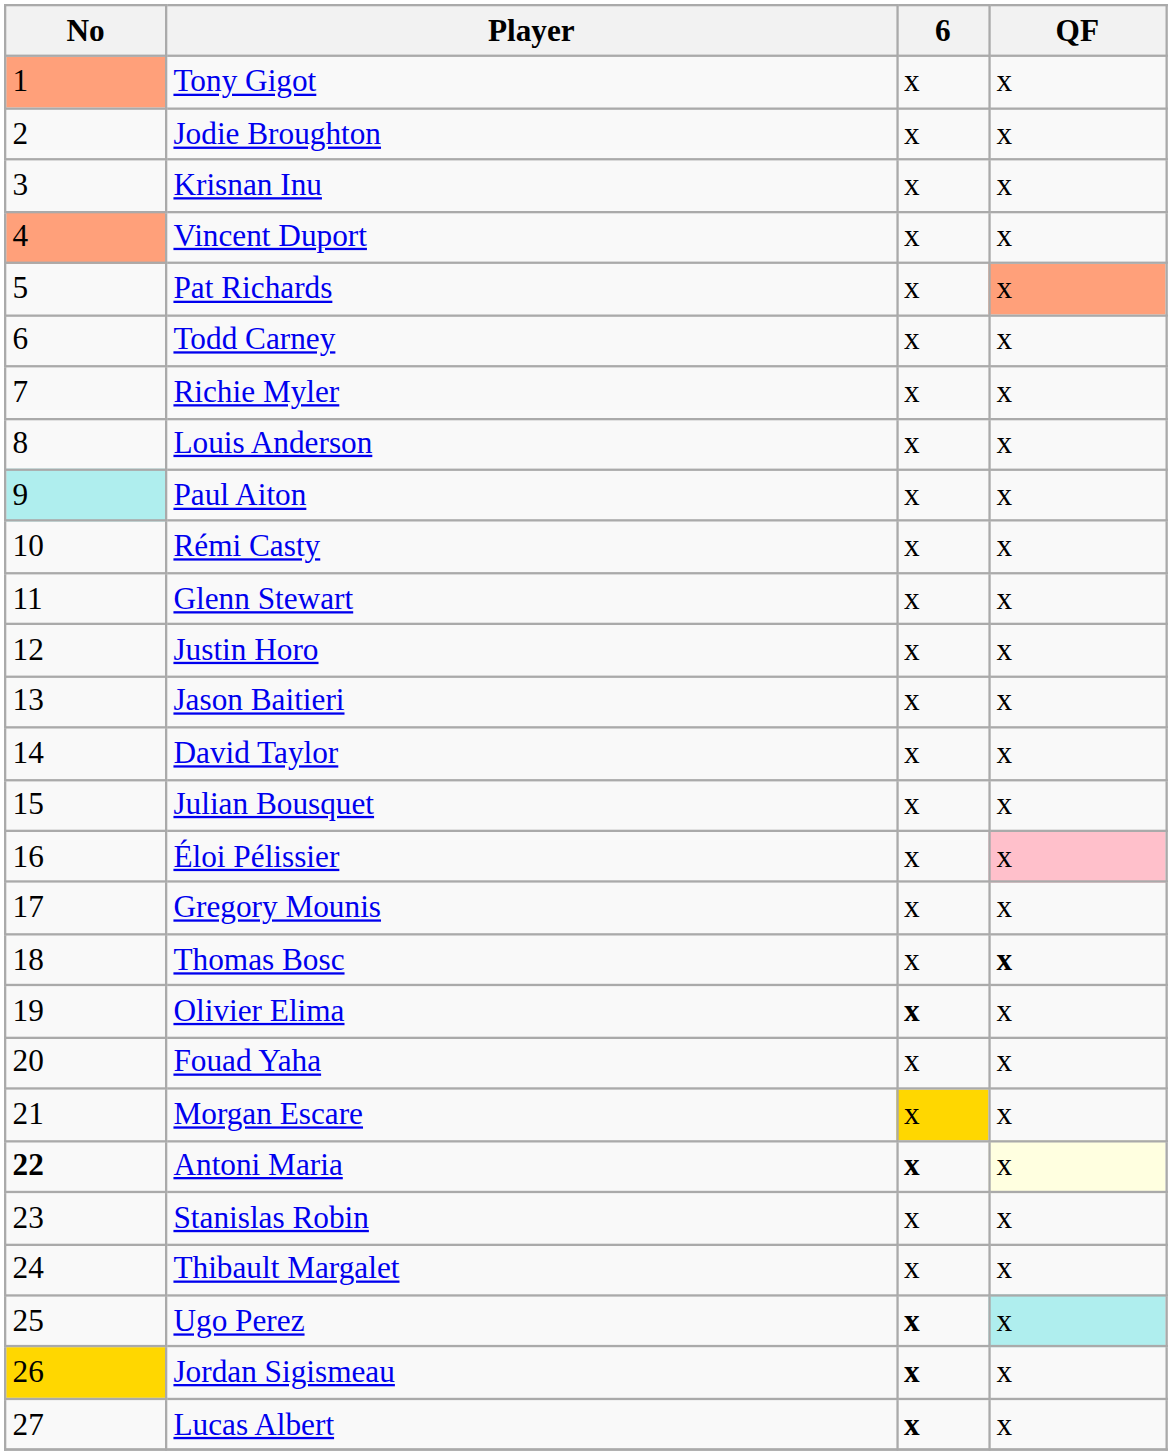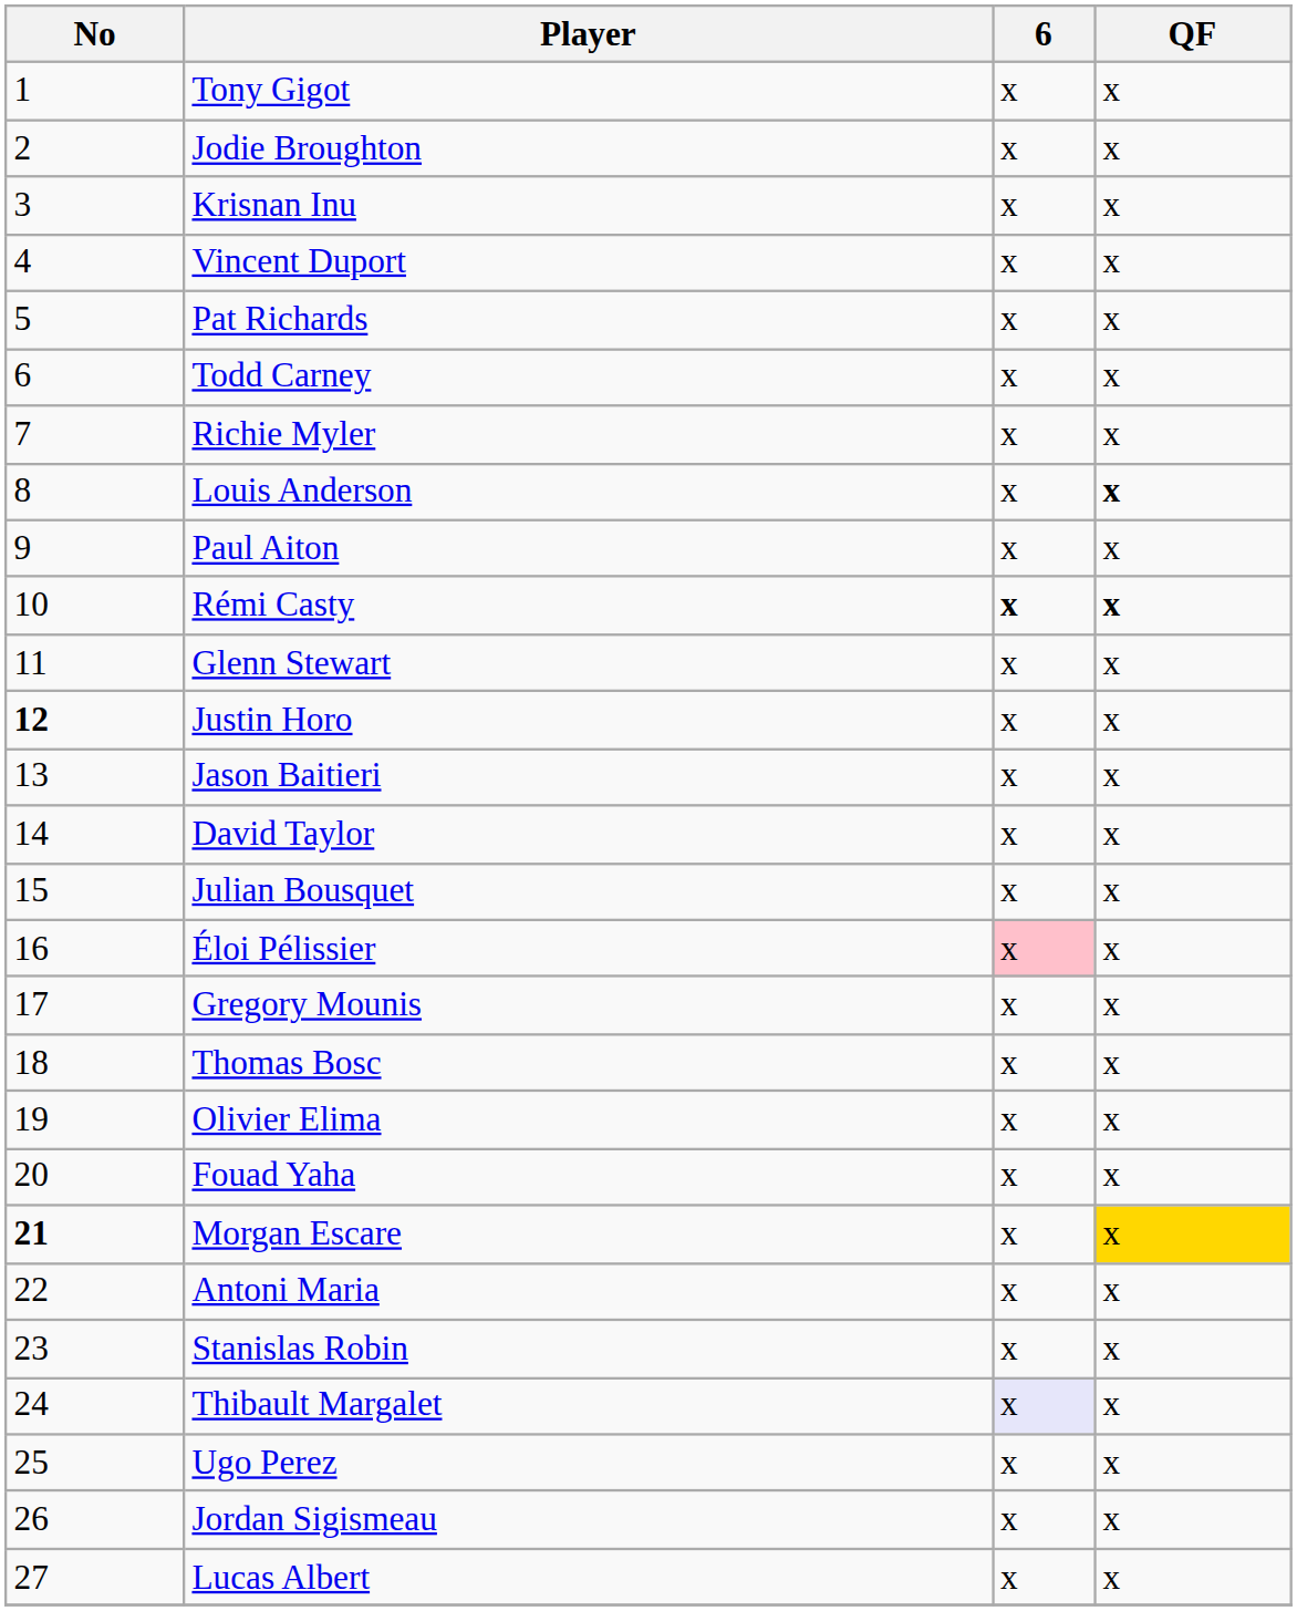 <table class="wikitable" style="font-size:85%;" width="40%">
 <tr>
 <th>No</th>
 <th>Player</th>
 <th>6</th>
 <th>QF</th>
 </tr>
 <tr>
-<td style="background: lightsalmon;">1</td>
+<td>1</td>
 <td><a href='#'>Tony Gigot</a></td>
 <td>x</td>
 <td>x</td>
 </tr>
 <tr>
 <td>2</td>
 <td><a href='#'>Jodie Broughton</a></td>
 <td>x</td>
 <td>x</td>
 </tr>
 <tr>
 <td>3</td>
 <td><a href='#'>Krisnan Inu</a></td>
 <td>x</td>
 <td>x</td>
 </tr>
 <tr>
-<td style="background: lightsalmon;">4</td>
+<td>4</td>
 <td><a href='#'>Vincent Duport</a></td>
 <td>x</td>
 <td>x</td>
 </tr>
 <tr>
 <td>5</td>
 <td><a href='#'>Pat Richards</a></td>
 <td>x</td>
-<td style="background: lightsalmon;">x</td>
+<td>x</td>
 </tr>
 <tr>
 <td>6</td>
 <td><a href='#'>Todd Carney</a></td>
 <td>x</td>
 <td>x</td>
 </tr>
 <tr>
 <td>7</td>
 <td><a href='#'>Richie Myler</a></td>
 <td>x</td>
 <td>x</td>
 </tr>
 <tr>
 <td>8</td>
 <td><a href='#'>Louis Anderson</a></td>
 <td>x</td>
-<td>x</td>
+<td><strong>x</strong></td>
 </tr>
 <tr>
-<td style="background: paleturquoise;">9</td>
+<td>9</td>
 <td><a href='#'>Paul Aiton</a></td>
 <td>x</td>
 <td>x</td>
 </tr>
 <tr>
 <td>10</td>
 <td><a href='#'>Rémi Casty</a></td>
-<td>x</td>
-<td>x</td>
+<td><strong>x</strong></td>
+<td><strong>x</strong></td>
 </tr>
 <tr>
 <td>11</td>
 <td><a href='#'>Glenn Stewart</a></td>
 <td>x</td>
 <td>x</td>
 </tr>
 <tr>
-<td>12</td>
+<td><strong>12</strong></td>
 <td><a href='#'>Justin Horo</a></td>
 <td>x</td>
 <td>x</td>
 </tr>
 <tr>
 <td>13</td>
 <td><a href='#'>Jason Baitieri</a></td>
 <td>x</td>
 <td>x</td>
 </tr>
 <tr>
 <td>14</td>
 <td><a href='#'>David Taylor</a></td>
 <td>x</td>
 <td>x</td>
 </tr>
 <tr>
 <td>15</td>
 <td><a href='#'>Julian Bousquet</a></td>
 <td>x</td>
 <td>x</td>
 </tr>
 <tr>
 <td>16</td>
 <td><a href='#'>Éloi Pélissier</a></td>
+<td style="background: pink;">x</td>
 <td>x</td>
-<td style="background: pink;">x</td>
 </tr>
 <tr>
 <td>17</td>
 <td><a href='#'>Gregory Mounis</a></td>
 <td>x</td>
 <td>x</td>
 </tr>
 <tr>
 <td>18</td>
 <td><a href='#'>Thomas Bosc</a></td>
 <td>x</td>
-<td><strong>x</strong></td>
+<td>x</td>
 </tr>
 <tr>
 <td>19</td>
 <td><a href='#'>Olivier Elima</a></td>
-<td><strong>x</strong></td>
+<td>x</td>
 <td>x</td>
 </tr>
 <tr>
 <td>20</td>
 <td><a href='#'>Fouad Yaha</a></td>
 <td>x</td>
 <td>x</td>
 </tr>
 <tr>
-<td>21</td>
+<td><strong>21</strong></td>
 <td><a href='#'>Morgan Escare</a></td>
+<td>x</td>
 <td style="background: gold;">x</td>
-<td>x</td>
 </tr>
 <tr>
-<td><strong>22</strong></td>
+<td>22</td>
 <td><a href='#'>Antoni Maria</a></td>
-<td><strong>x</strong></td>
-<td style="background: lightyellow;">x</td>
+<td>x</td>
+<td>x</td>
 </tr>
 <tr>
 <td>23</td>
 <td><a href='#'>Stanislas Robin</a></td>
 <td>x</td>
 <td>x</td>
 </tr>
 <tr>
 <td>24</td>
 <td><a href='#'>Thibault Margalet</a></td>
-<td>x</td>
+<td style="background: lavender;">x</td>
 <td>x</td>
 </tr>
 <tr>
 <td>25</td>
 <td><a href='#'>Ugo Perez</a></td>
-<td><strong>x</strong></td>
-<td style="background: paleturquoise;">x</td>
+<td>x</td>
+<td>x</td>
 </tr>
 <tr>
-<td style="background: gold;">26</td>
+<td>26</td>
 <td><a href='#'>Jordan Sigismeau</a></td>
-<td><strong>x</strong></td>
+<td>x</td>
 <td>x</td>
 </tr>
 <tr>
 <td>27</td>
 <td><a href='#'>Lucas Albert</a></td>
-<td><strong>x</strong></td>
+<td>x</td>
 <td>x</td>
 </tr>
 <tr>
 </tr>
 </table>
